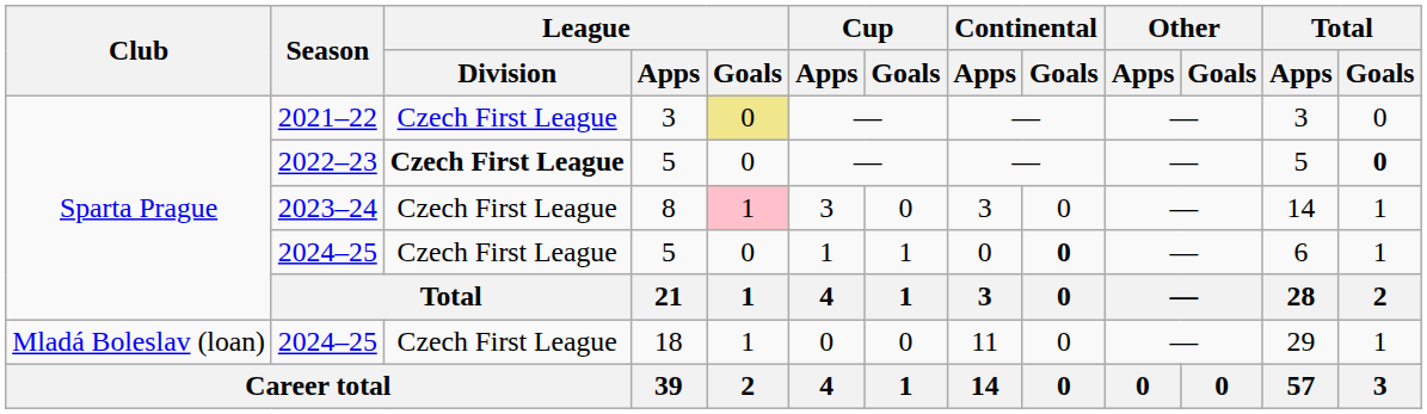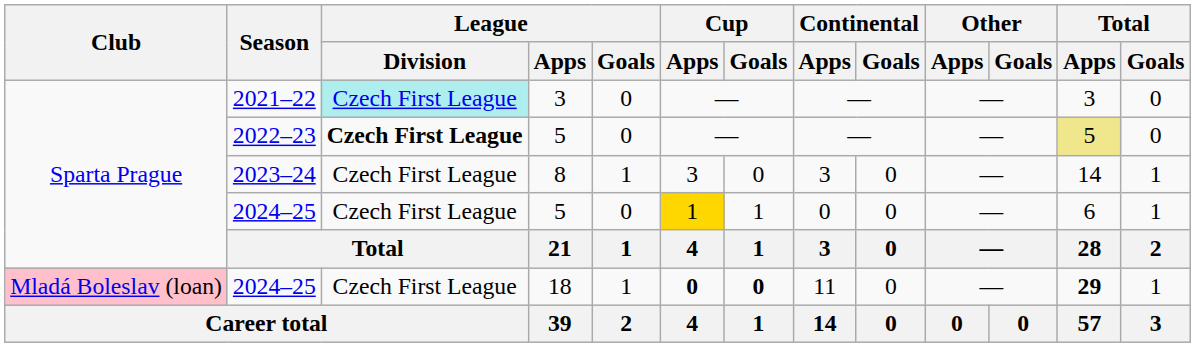 <table class="wikitable" style="text-align:center">
 <tr>
 <th rowspan="2">Club</th>
 <th rowspan="2">Season</th>
 <th colspan="3">League</th>
 <th colspan="2">Cup</th>
 <th colspan="2">Continental</th>
 <th colspan="2">Other</th>
 <th colspan="2">Total</th>
 </tr>
 <tr>
 <th>Division</th>
 <th>Apps</th>
 <th>Goals</th>
 <th>Apps</th>
 <th>Goals</th>
 <th>Apps</th>
 <th>Goals</th>
 <th>Apps</th>
 <th>Goals</th>
 <th>Apps</th>
 <th>Goals</th>
 </tr>
 <tr>
 <td rowspan="5"><a href='#'>Sparta Prague</a></td>
 <td><a href='#'>2021–22</a></td>
-<td><a href='#'>Czech First League</a></td>
+<td style="background: paleturquoise;"><a href='#'>Czech First League</a></td>
 <td>3</td>
-<td style="background: khaki;">0</td>
+<td>0</td>
 <td colspan="2">—</td>
 <td colspan="2">—</td>
 <td colspan="2">—</td>
 <td>3</td>
 <td>0</td>
 </tr>
 <tr>
 <td><a href='#'>2022–23</a></td>
 <td><strong>Czech First League</strong></td>
 <td>5</td>
 <td>0</td>
 <td colspan="2">—</td>
 <td colspan="2">—</td>
 <td colspan="2">—</td>
-<td>5</td>
-<td><strong>0</strong></td>
+<td style="background: khaki;">5</td>
+<td>0</td>
 </tr>
 <tr>
 <td><a href='#'>2023–24</a></td>
 <td>Czech First League</td>
 <td>8</td>
-<td style="background: pink;">1</td>
+<td>1</td>
 <td>3</td>
 <td>0</td>
 <td>3</td>
 <td>0</td>
 <td colspan="2">—</td>
 <td>14</td>
 <td>1</td>
 </tr>
 <tr>
 <td><a href='#'>2024–25</a></td>
 <td>Czech First League</td>
 <td>5</td>
 <td>0</td>
-<td>1</td>
+<td style="background: gold;">1</td>
 <td>1</td>
 <td>0</td>
-<td><strong>0</strong></td>
+<td>0</td>
 <td colspan="2">—</td>
 <td>6</td>
 <td>1</td>
 </tr>
 <tr>
 <th colspan="2">Total</th>
 <th>21</th>
 <th>1</th>
 <th>4</th>
 <th>1</th>
 <th>3</th>
 <th>0</th>
 <th colspan="2">—</th>
 <th>28</th>
 <th>2</th>
 </tr>
 <tr>
-<td><a href='#'>Mladá Boleslav</a> (loan)</td>
+<td style="background: pink;"><a href='#'>Mladá Boleslav</a> (loan)</td>
 <td><a href='#'>2024–25</a></td>
 <td>Czech First League</td>
 <td>18</td>
 <td>1</td>
-<td>0</td>
-<td>0</td>
+<td><strong>0</strong></td>
+<td><strong>0</strong></td>
 <td>11</td>
 <td>0</td>
 <td colspan="2">—</td>
-<td>29</td>
+<td><strong>29</strong></td>
 <td>1</td>
 </tr>
 <tr>
 <th colspan="3">Career total</th>
 <th>39</th>
 <th>2</th>
 <th>4</th>
 <th>1</th>
 <th>14</th>
 <th>0</th>
 <th>0</th>
 <th>0</th>
 <th>57</th>
 <th>3</th>
 </tr>
 </table>
